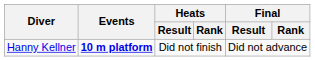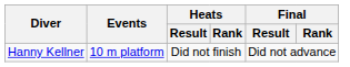 <table class=wikitable style="font-size:90%">
 <tr>
 <th rowspan="2">Diver</th>
 <th rowspan="2">Events</th>
 <th colspan="2">Heats</th>
 <th colspan="2">Final</th>
 </tr>
 <tr>
 <th>Result</th>
 <th>Rank</th>
 <th>Result</th>
 <th>Rank</th>
 </tr>
 <tr>
 <td><a href='#'>Hanny Kellner</a></td>
-<td><strong><a href='#'>10 m platform</a></strong></td>
+<td><a href='#'>10 m platform</a></td>
 <td align=center colspan=2>Did not finish</td>
 <td align=center colspan=2>Did not advance</td>
 </tr>
 </table>
